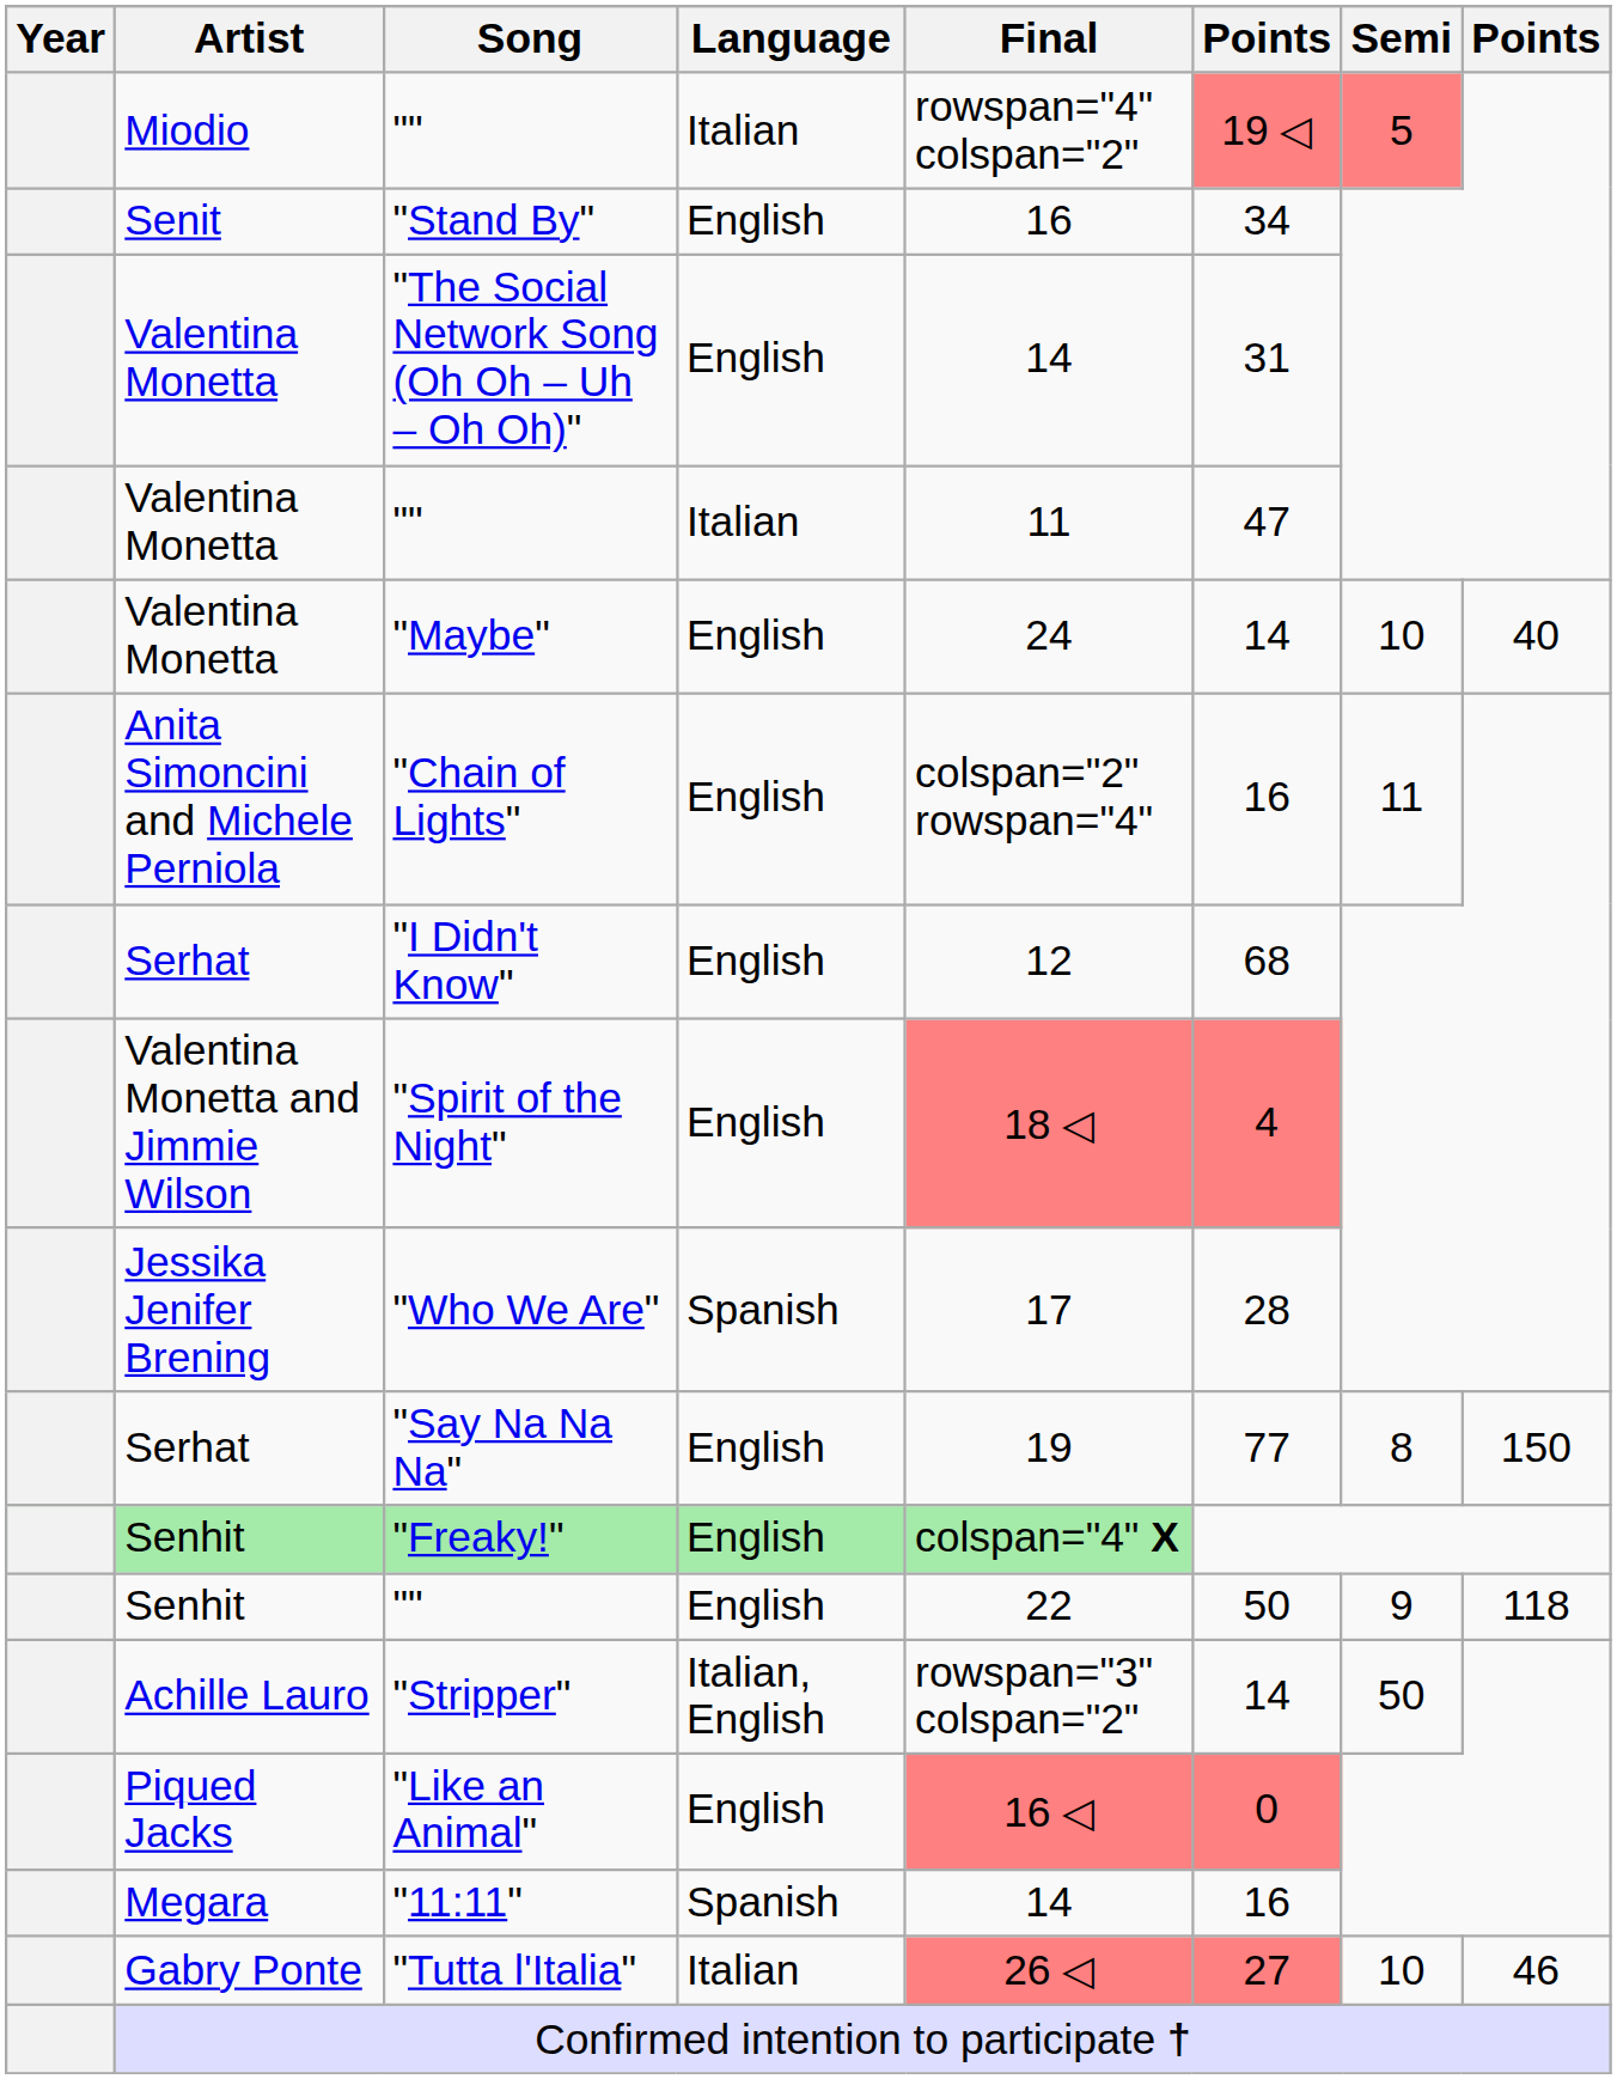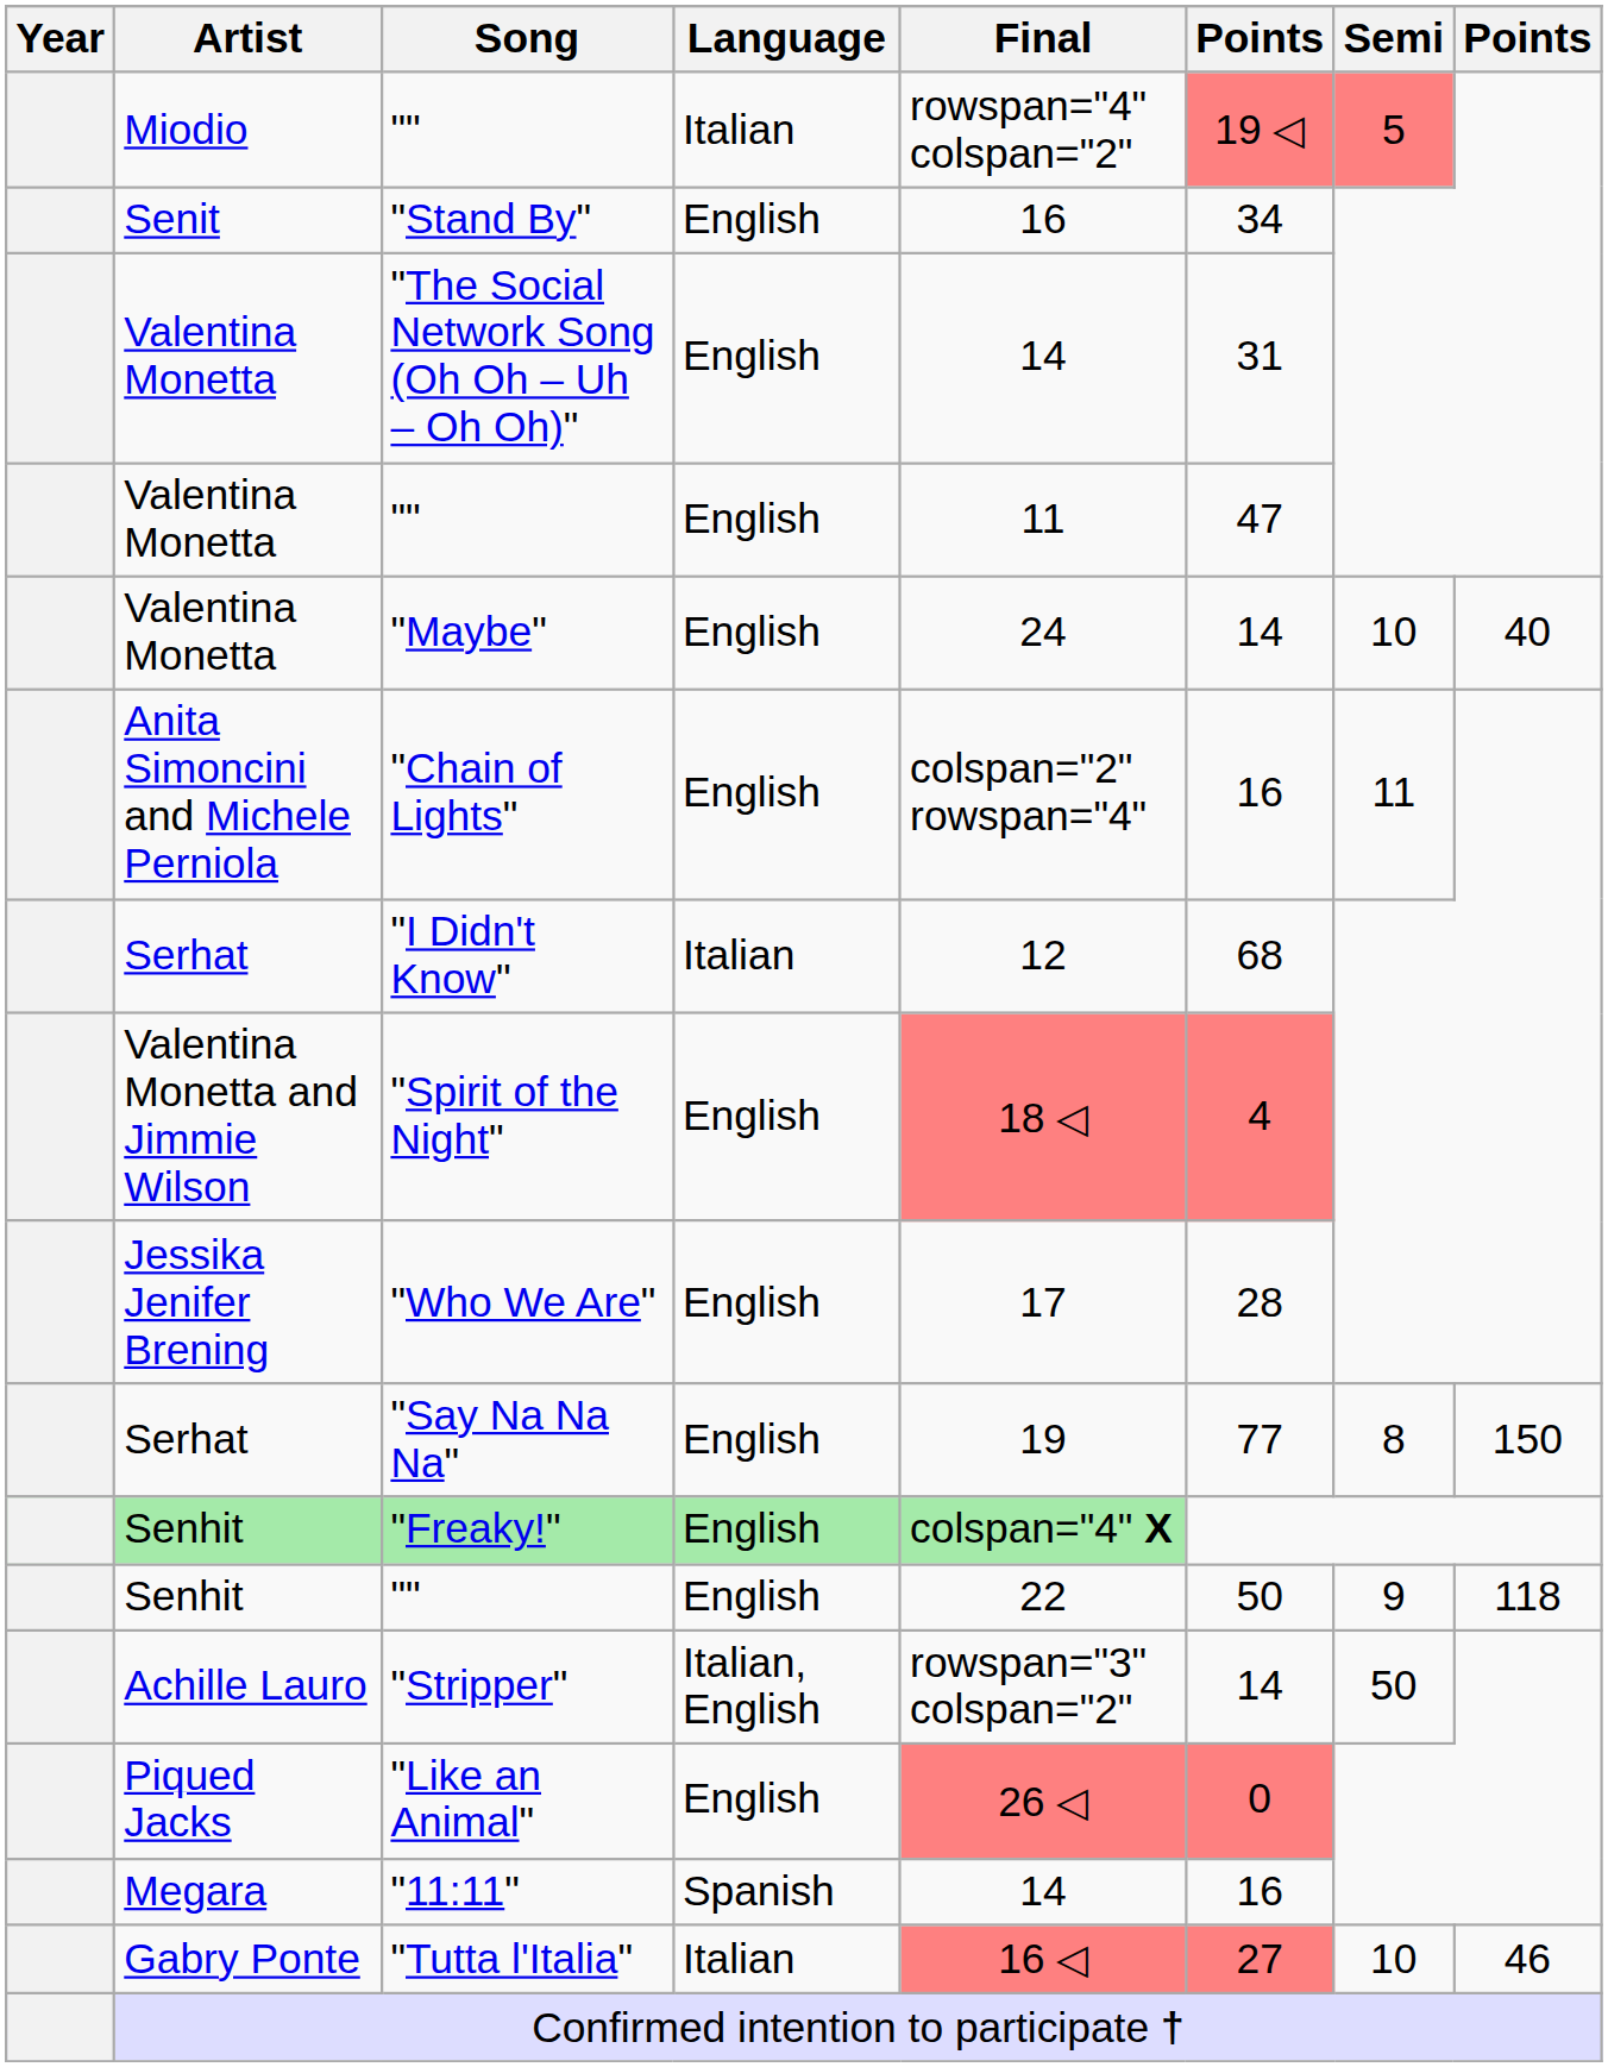 <table class="wikitable sortable plainrowheaders">
 <tr>
 </tr>
 <tr>
 <th scope="col">Year</th>
 <th scope="col">Artist</th>
 <th scope="col">Song</th>
 <th scope="col">Language</th>
 <th scope="col" data-sort-type="number">Final</th>
 <th scope="col" data-sort-type="number">Points</th>
 <th scope="col" data-sort-type="number">Semi</th>
 <th scope="col" data-sort-type="number">Points</th>
 </tr>
 <tr>
 <th scope="row" style="text-align:center;"></th>
 <td><a href='#'>Miodio</a></td>
 <td>""</td>
 <td>Italian</td>
 <td>rowspan="4" colspan="2" </td>
 <td style="text-align:center; background-color:#FE8080;">19 ◁</td>
 <td style="text-align:center; background-color:#FE8080;">5</td>
 </tr>
 <tr>
 <th scope="row" style="text-align:center;"></th>
 <td><a href='#'>Senit</a></td>
 <td>"<a href='#'>Stand By</a>"</td>
 <td>English</td>
 <td style="text-align:center;">16</td>
 <td style="text-align:center;">34</td>
 </tr>
 <tr>
 <th scope="row" style="text-align:center;"></th>
 <td><a href='#'>Valentina Monetta</a></td>
 <td>"<a href='#'>The Social Network Song (Oh Oh – Uh – Oh Oh)</a>"</td>
 <td>English</td>
 <td style="text-align:center;">14</td>
 <td style="text-align:center;">31</td>
 </tr>
 <tr>
 <th scope="row" style="text-align:center;"></th>
 <td>Valentina Monetta</td>
 <td>""</td>
-<td>Italian</td>
+<td>English</td>
 <td style="text-align:center;">11</td>
 <td style="text-align:center;">47</td>
 </tr>
 <tr>
 <th scope="row" style="text-align:center;"></th>
 <td>Valentina Monetta</td>
 <td>"<a href='#'>Maybe</a>"</td>
 <td>English</td>
 <td style="text-align:center;">24</td>
 <td style="text-align:center;">14</td>
 <td style="text-align:center;">10</td>
 <td style="text-align:center;">40</td>
 </tr>
 <tr>
 <th scope="row" style="text-align:center;"></th>
 <td><a href='#'>Anita Simoncini</a> and <a href='#'>Michele Perniola</a></td>
 <td>"<a href='#'>Chain of Lights</a>"</td>
 <td>English</td>
 <td>colspan="2" rowspan="4" </td>
 <td style="text-align:center;">16</td>
 <td style="text-align:center;">11</td>
 </tr>
 <tr>
 <th scope="row" style="text-align:center;"></th>
 <td><a href='#'>Serhat</a></td>
 <td>"<a href='#'>I Didn't Know</a>"</td>
-<td>English</td>
+<td>Italian</td>
 <td style="text-align:center;">12</td>
 <td style="text-align:center;">68</td>
 </tr>
 <tr>
 <th scope="row" style="text-align:center;"></th>
 <td>Valentina Monetta and <a href='#'>Jimmie Wilson</a></td>
 <td>"<a href='#'>Spirit of the Night</a>"</td>
 <td>English</td>
 <td style="text-align:center; background-color:#FE8080;">18 ◁</td>
 <td style="text-align:center; background-color:#FE8080;">4</td>
 </tr>
 <tr>
 <th scope="row" style="text-align:center;"></th>
 <td><a href='#'>Jessika</a>  <a href='#'>Jenifer Brening</a></td>
 <td>"<a href='#'>Who We Are</a>"</td>
-<td>Spanish</td>
+<td>English</td>
 <td style="text-align:center;">17</td>
 <td style="text-align:center;">28</td>
 </tr>
 <tr>
 <th scope="row" style="text-align:center;"></th>
 <td>Serhat</td>
 <td>"<a href='#'>Say Na Na Na</a>"</td>
 <td>English</td>
 <td style="text-align:center;">19</td>
 <td style="text-align:center;">77</td>
 <td style="text-align:center;">8</td>
 <td style="text-align:center;">150</td>
 </tr>
 <tr style="background-color:#A4EAA9;">
 <th scope="row" style="text-align:center;"></th>
 <td>Senhit</td>
 <td>"<a href='#'>Freaky!</a>"</td>
 <td>English</td>
 <td>colspan="4"  <strong>X</strong></td>
 </tr>
 <tr>
 <th scope="row" style="text-align:center;"></th>
 <td>Senhit</td>
 <td>""</td>
 <td>English</td>
 <td style="text-align:center;">22</td>
 <td style="text-align:center;">50</td>
 <td style="text-align:center;">9</td>
 <td style="text-align:center;">118</td>
 </tr>
 <tr>
 <th scope="row" style="text-align:center;"></th>
 <td><a href='#'>Achille Lauro</a></td>
 <td>"<a href='#'>Stripper</a>"</td>
 <td>Italian, English</td>
 <td>rowspan="3" colspan="2" </td>
 <td style="text-align:center;">14</td>
 <td style="text-align:center;">50</td>
 </tr>
 <tr>
 <th scope="row" style="text-align:center;"></th>
 <td><a href='#'>Piqued Jacks</a></td>
 <td>"<a href='#'>Like an Animal</a>"</td>
 <td>English</td>
-<td style="text-align:center; background-color:#FE8080;">16 ◁</td>
+<td style="text-align:center; background-color:#FE8080;">26 ◁</td>
 <td style="text-align:center; background-color:#FE8080;">0</td>
 </tr>
 <tr>
 <th scope="row" style="text-align:center;"></th>
 <td><a href='#'>Megara</a></td>
 <td>"<a href='#'>11:11</a>"</td>
 <td>Spanish</td>
 <td style="text-align:center;">14</td>
 <td style="text-align:center;">16</td>
 </tr>
 <tr>
 <th scope="row" style="text-align:center;"></th>
 <td><a href='#'>Gabry Ponte</a></td>
 <td>"<a href='#'>Tutta l'Italia</a>"</td>
 <td>Italian</td>
-<td style="text-align:center; background-color:#FE8080;">26 ◁</td>
+<td style="text-align:center; background-color:#FE8080;">16 ◁</td>
 <td style="text-align:center; background-color:#FE8080;">27</td>
 <td style="text-align:center;">10</td>
 <td style="text-align:center;">46</td>
 </tr>
 <tr bgcolor=#ddf>
 <th scope="row" style="text-align:center;"></th>
 <td colspan="7" align="center">Confirmed intention to participate <strong>†</strong></td>
 </tr>
 </table>
